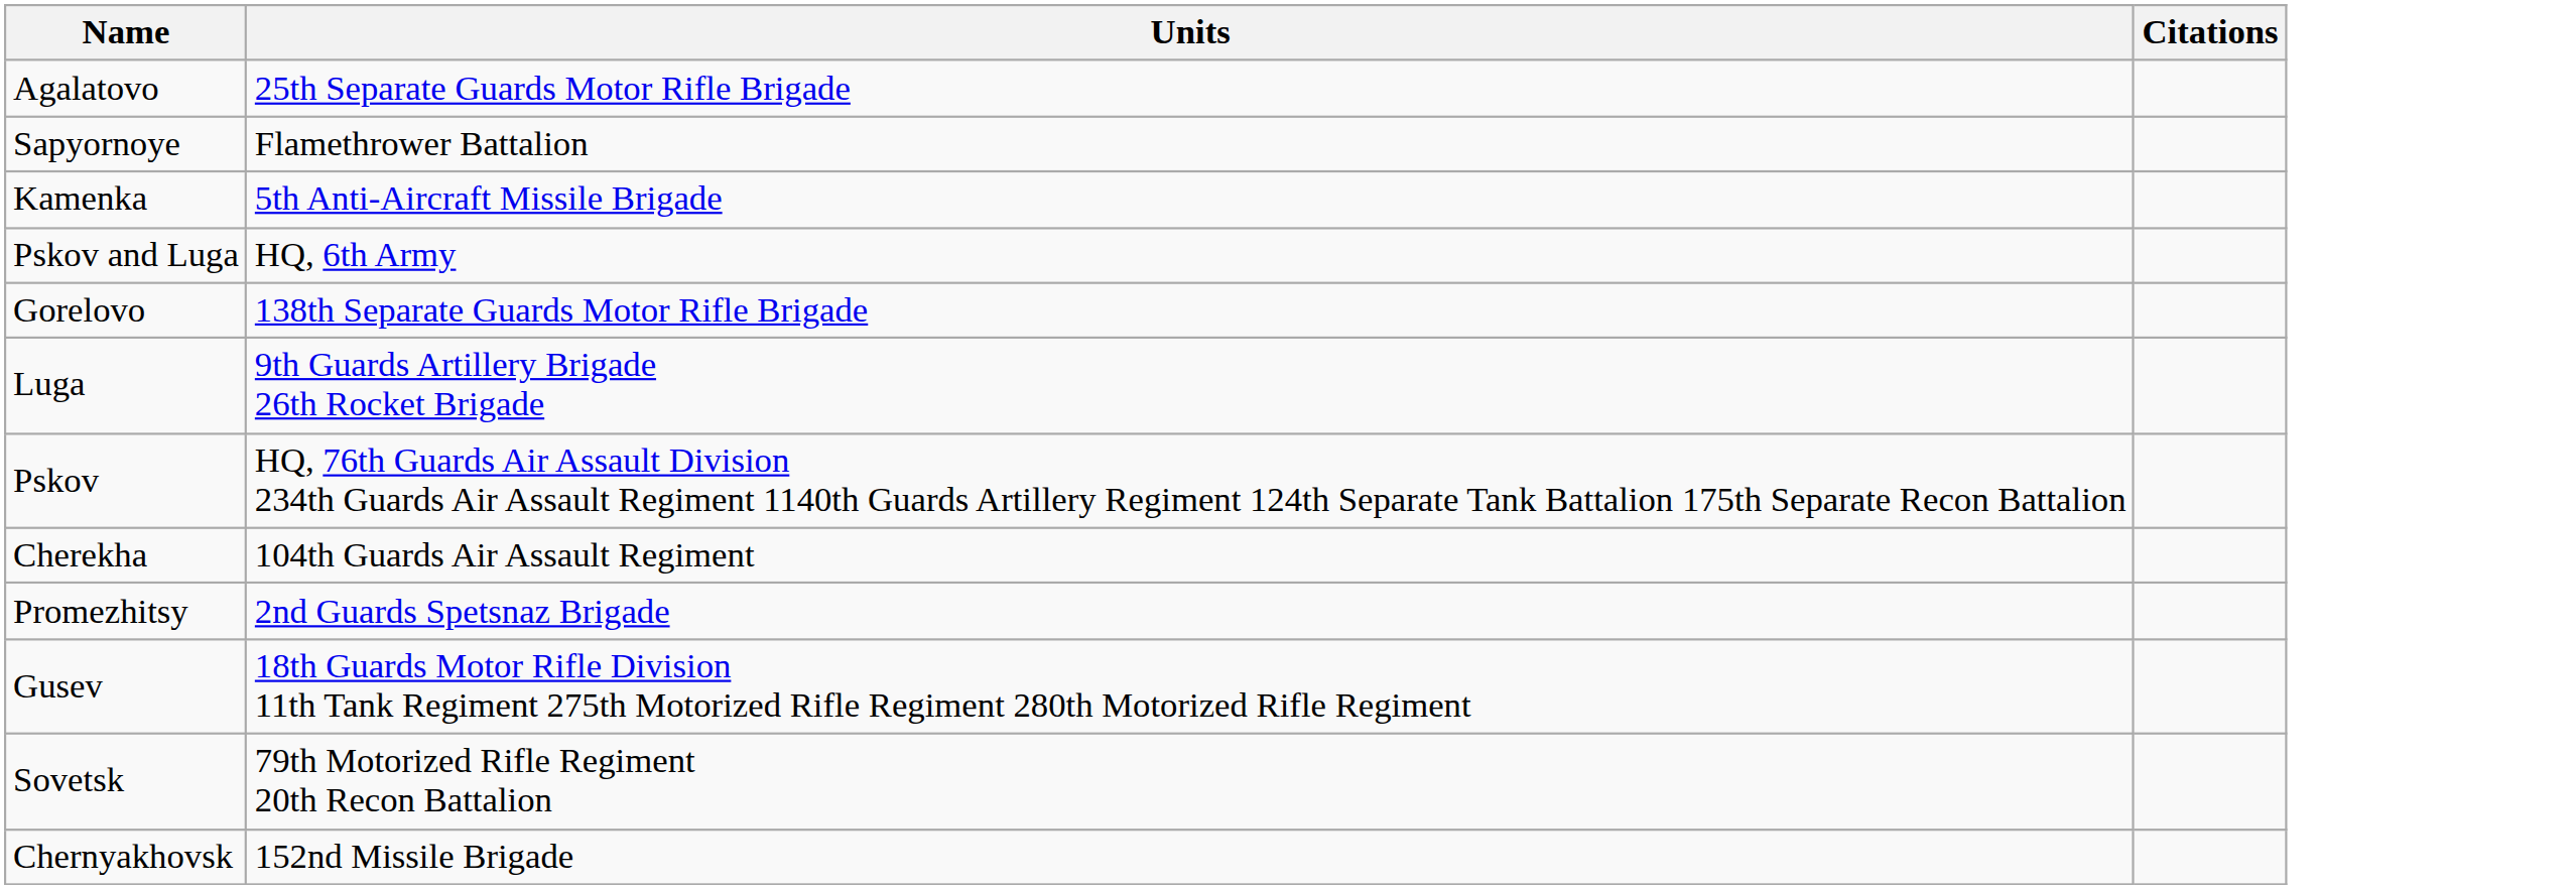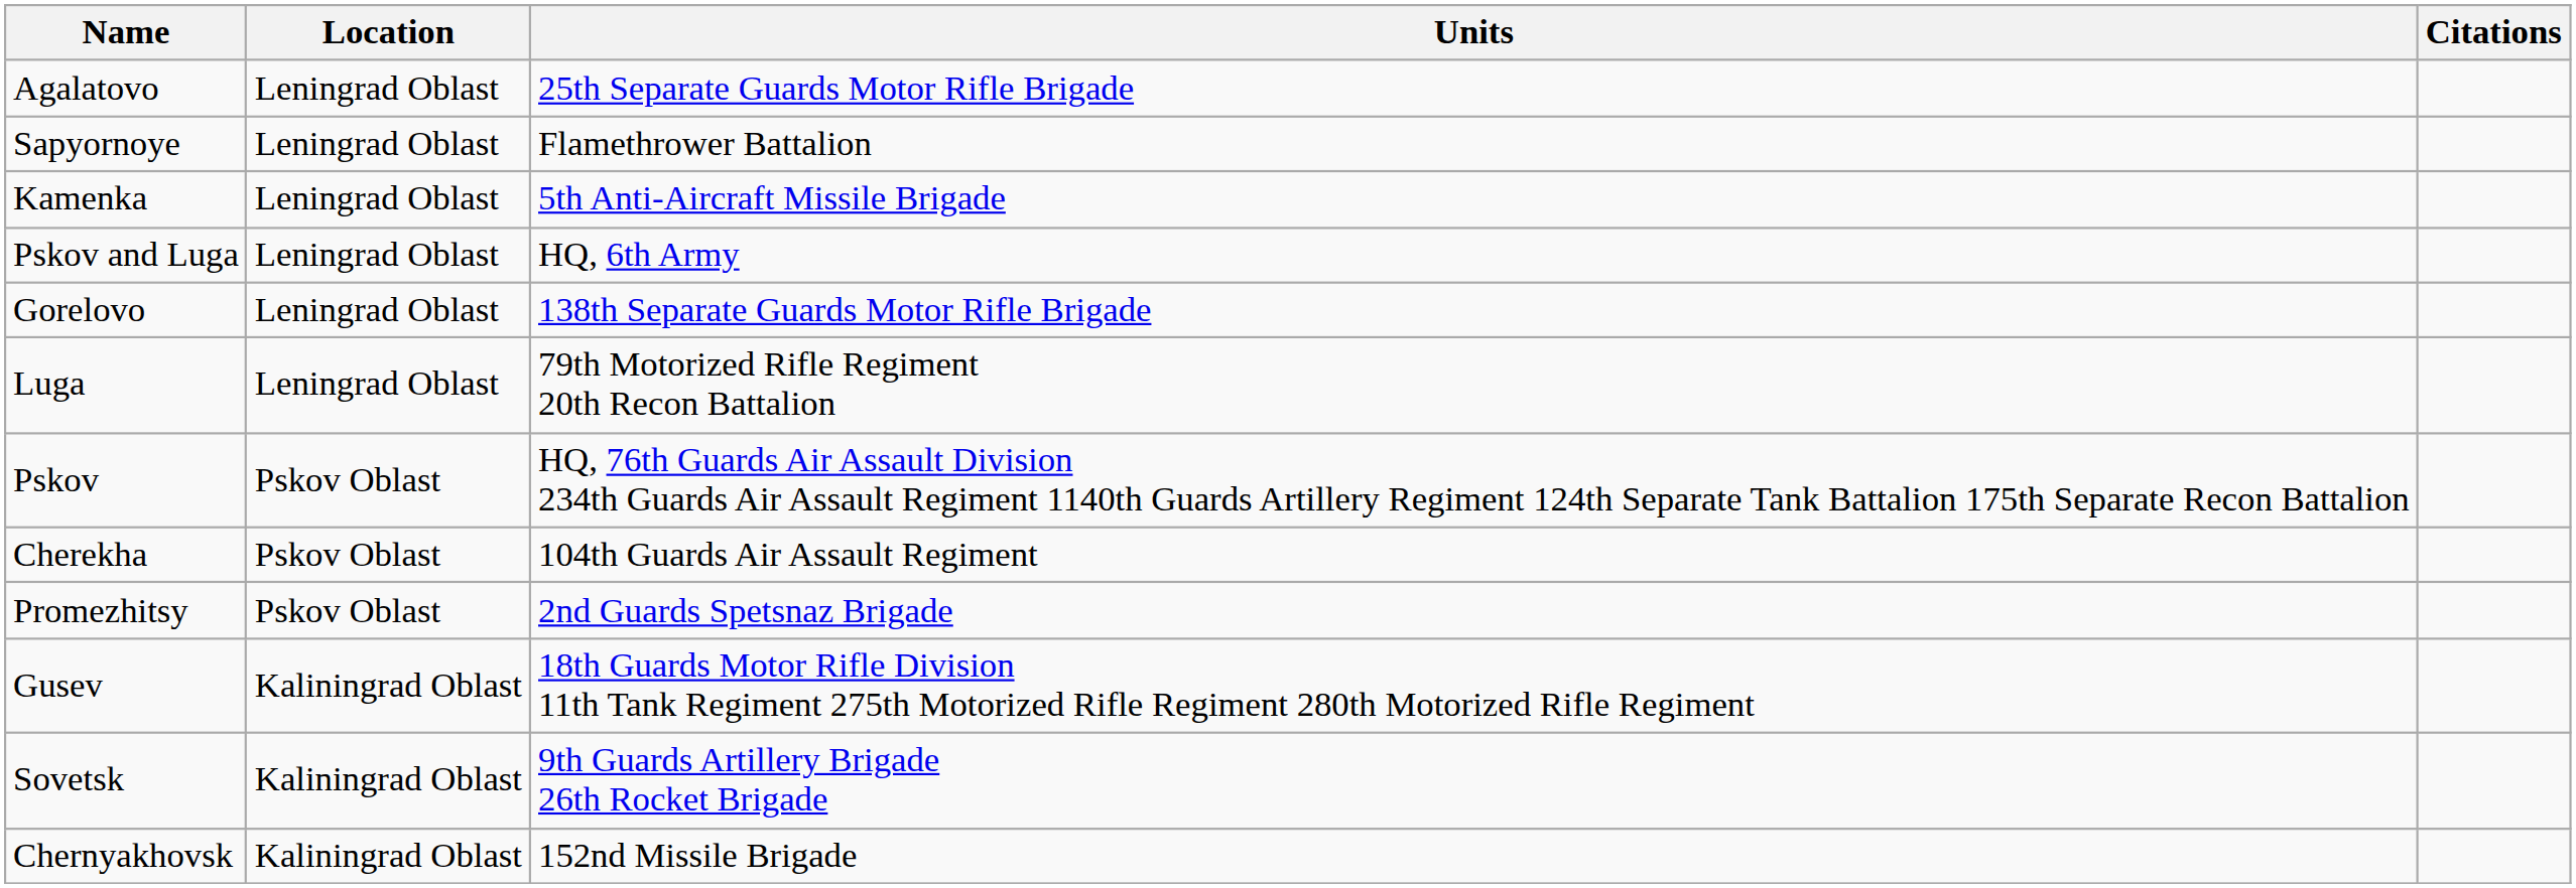 <table class="wikitable sortable">
 <tr>
 <th>Name</th>
+<th>Location</th>
 <th>Units</th>
 <th>Citations</th>
 </tr>
 <tr>
 <td>Agalatovo</td>
+<td>Leningrad Oblast</td>
 <td><a href='#'>25th Separate Guards Motor Rifle Brigade</a></td>
 <td></td>
 </tr>
 <tr>
 <td>Sapyornoye</td>
+<td>Leningrad Oblast</td>
 <td>Flamethrower Battalion</td>
 <td></td>
 </tr>
 <tr>
 <td>Kamenka</td>
+<td>Leningrad Oblast</td>
 <td><a href='#'>5th Anti-Aircraft Missile Brigade</a></td>
 <td></td>
 </tr>
 <tr>
 <td>Pskov and Luga</td>
+<td>Leningrad Oblast</td>
 <td>HQ, <a href='#'>6th Army</a></td>
 <td></td>
 </tr>
 <tr>
 <td>Gorelovo</td>
+<td>Leningrad Oblast</td>
 <td><a href='#'>138th Separate Guards Motor Rifle Brigade</a></td>
 <td></td>
 </tr>
 <tr>
 <td>Luga</td>
-<td><a href='#'>9th Guards Artillery Brigade</a><br><a href='#'>26th Rocket Brigade</a></td>
+<td>Leningrad Oblast</td>
+<td>79th Motorized Rifle Regiment<br>20th Recon Battalion</td>
 <td></td>
 </tr>
 <tr>
 <td>Pskov</td>
+<td>Pskov Oblast</td>
 <td>HQ, <a href='#'>76th Guards Air Assault Division</a><br>234th Guards Air Assault Regiment 1140th Guards Artillery Regiment 124th Separate Tank Battalion 175th Separate Recon Battalion</td>
 <td></td>
 </tr>
 <tr>
 <td>Cherekha</td>
+<td>Pskov Oblast</td>
 <td>104th Guards Air Assault Regiment</td>
 <td></td>
 </tr>
 <tr>
 <td>Promezhitsy</td>
+<td>Pskov Oblast</td>
 <td><a href='#'>2nd Guards Spetsnaz Brigade</a></td>
 <td></td>
 </tr>
 <tr>
 <td>Gusev</td>
+<td>Kaliningrad Oblast</td>
 <td><a href='#'>18th Guards Motor Rifle Division</a><br>11th Tank Regiment 275th Motorized Rifle Regiment 280th Motorized Rifle Regiment</td>
 <td></td>
 </tr>
 <tr>
 <td>Sovetsk</td>
-<td>79th Motorized Rifle Regiment<br>20th Recon Battalion</td>
+<td>Kaliningrad Oblast</td>
+<td><a href='#'>9th Guards Artillery Brigade</a><br><a href='#'>26th Rocket Brigade</a></td>
 <td></td>
 </tr>
 <tr>
 <td>Chernyakhovsk</td>
+<td>Kaliningrad Oblast</td>
 <td>152nd Missile Brigade</td>
 <td></td>
 </tr>
 </table>
